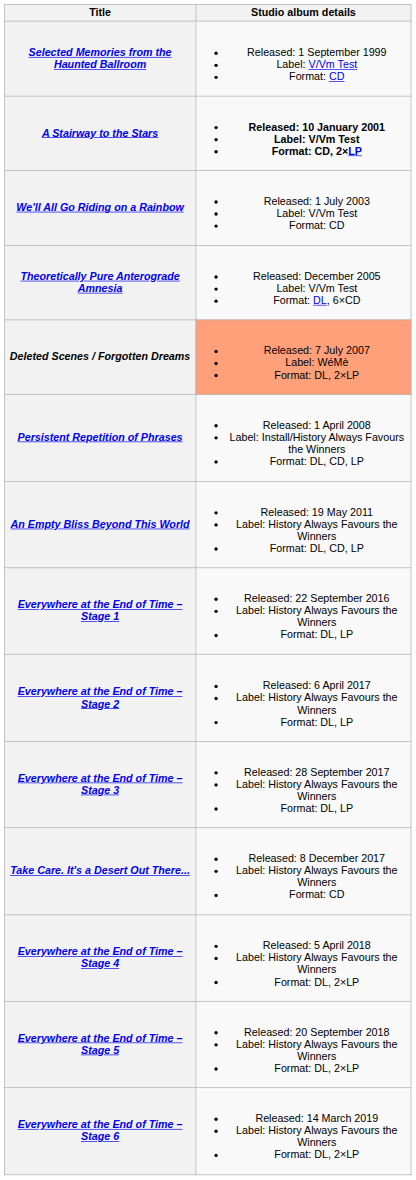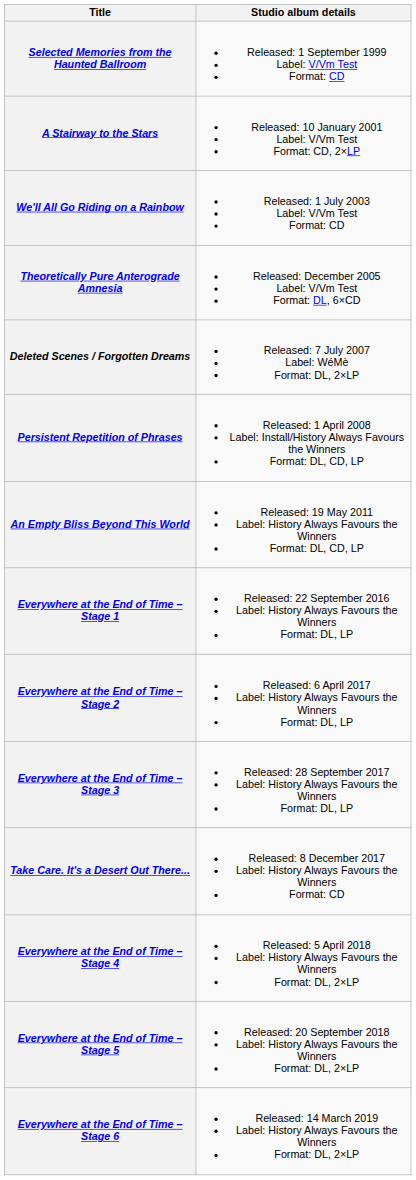 <table class="wikitable plainrowheaders" style="text-align:center;">
 <tr>
 <th scope="col">Title</th>
 <th scope="col">Studio album details</th>
 </tr>
 <tr>
 <th scope="row"><em><a href='#'>Selected Memories from the Haunted Ballroom</a></em></th>
 <td><br><ul><li>Released: 1 September 1999</li><li>Label: <a href='#'>V/Vm Test</a></li><li>Format: <a href='#'>CD</a></li></ul></td>
 </tr>
 <tr>
 <th scope="row"><em><a href='#'>A Stairway to the Stars</a></em></th>
-<td><strong><br><ul><li>Released: 10 January 2001</li><li>Label: V/Vm Test</li><li>Format: CD, 2×<a href='#'>LP</a></li></ul></strong></td>
+<td><br><ul><li>Released: 10 January 2001</li><li>Label: V/Vm Test</li><li>Format: CD, 2×<a href='#'>LP</a></li></ul></td>
 </tr>
 <tr>
 <th scope="row"><em><a href='#'>We'll All Go Riding on a Rainbow</a></em></th>
 <td><br><ul><li>Released: 1 July 2003</li><li>Label: V/Vm Test</li><li>Format: CD</li></ul></td>
 </tr>
 <tr>
 <th scope="row"><em><a href='#'>Theoretically Pure Anterograde Amnesia</a></em></th>
 <td><br><ul><li>Released: December 2005</li><li>Label: V/Vm Test</li><li>Format: <a href='#'>DL</a>, 6×CD</li></ul></td>
 </tr>
 <tr>
 <th scope="row"><em>Deleted Scenes / Forgotten Dreams</em></th>
-<td style="background: lightsalmon;"><br><ul><li>Released: 7 July 2007</li><li>Label: WéMè</li><li>Format: DL, 2×LP</li></ul></td>
+<td><br><ul><li>Released: 7 July 2007</li><li>Label: WéMè</li><li>Format: DL, 2×LP</li></ul></td>
 </tr>
 <tr>
 <th scope="row"><em><a href='#'>Persistent Repetition of Phrases</a></em></th>
 <td><br><ul><li>Released: 1 April 2008</li><li>Label: Install/History Always Favours the Winners</li><li>Format: DL, CD, LP</li></ul></td>
 </tr>
 <tr>
 <th scope="row"><em><a href='#'>An Empty Bliss Beyond This World</a></em></th>
 <td><br><ul><li>Released: 19 May 2011</li><li>Label: History Always Favours the Winners</li><li>Format: DL, CD, LP</li></ul></td>
 </tr>
 <tr>
 <th scope="row"><em><a href='#'>Everywhere at the End of Time – Stage 1</a></em></th>
 <td><br><ul><li>Released: 22 September 2016</li><li>Label: History Always Favours the Winners</li><li>Format: DL, LP</li></ul></td>
 </tr>
 <tr>
 <th scope="row"><em><a href='#'>Everywhere at the End of Time – Stage 2</a></em></th>
 <td><br><ul><li>Released: 6 April 2017</li><li>Label: History Always Favours the Winners</li><li>Format: DL, LP</li></ul></td>
 </tr>
 <tr>
 <th scope="row"><em><a href='#'>Everywhere at the End of Time – Stage 3</a></em></th>
 <td><br><ul><li>Released: 28 September 2017</li><li>Label: History Always Favours the Winners</li><li>Format: DL, LP</li></ul></td>
 </tr>
 <tr>
 <th scope="row"><em><a href='#'>Take Care. It's a Desert Out There...</a></em></th>
 <td><br><ul><li>Released: 8 December 2017</li><li>Label: History Always Favours the Winners</li><li>Format: CD</li></ul></td>
 </tr>
 <tr>
 <th scope="row"><em><a href='#'>Everywhere at the End of Time – Stage 4</a></em></th>
 <td><br><ul><li>Released: 5 April 2018</li><li>Label: History Always Favours the Winners</li><li>Format: DL, 2×LP</li></ul></td>
 </tr>
 <tr>
 <th scope="row"><em><a href='#'>Everywhere at the End of Time – Stage 5</a></em></th>
 <td><br><ul><li>Released: 20 September 2018</li><li>Label: History Always Favours the Winners</li><li>Format: DL, 2×LP</li></ul></td>
 </tr>
 <tr>
 <th scope="row"><em><a href='#'>Everywhere at the End of Time – Stage 6</a></em></th>
 <td><br><ul><li>Released: 14 March 2019</li><li>Label: History Always Favours the Winners</li><li>Format: DL, 2×LP</li></ul></td>
 </tr>
 </table>
